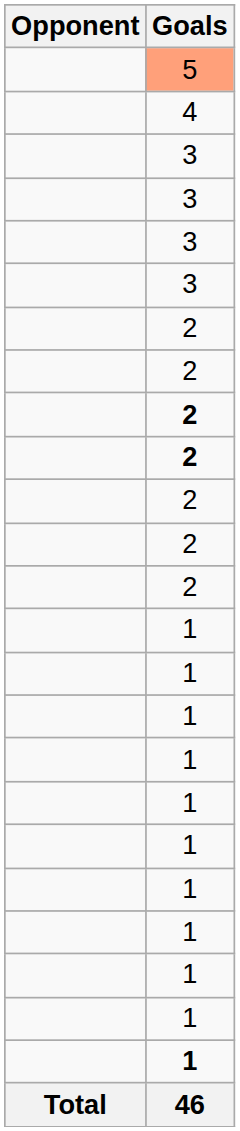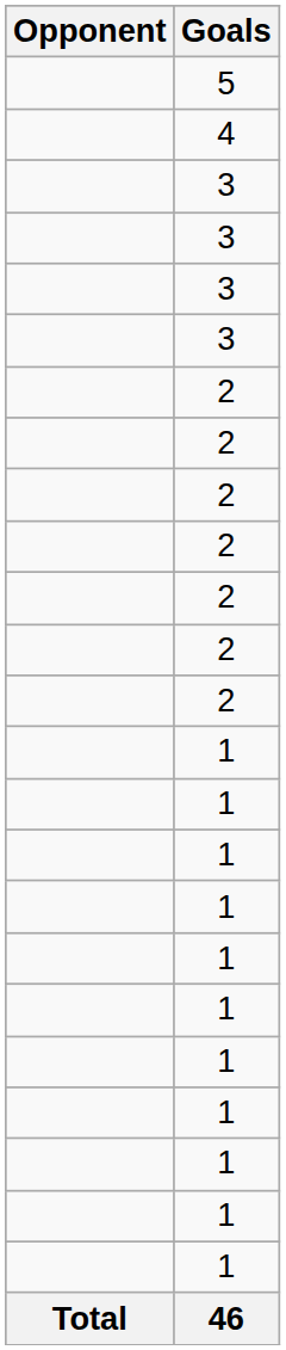 <table class="wikitable sortable">
 <tr>
 <th scope=col>Opponent</th>
 <th scope=col>Goals</th>
 </tr>
 <tr>
 <td></td>
-<td align="center" style="background: lightsalmon;">5</td>
+<td align="center">5</td>
 </tr>
 <tr>
 <td></td>
 <td align="center">4</td>
 </tr>
 <tr>
 <td></td>
 <td align="center">3</td>
 </tr>
 <tr>
 <td></td>
 <td align="center">3</td>
 </tr>
 <tr>
 <td></td>
 <td align="center">3</td>
 </tr>
 <tr>
 <td></td>
 <td align="center">3</td>
 </tr>
 <tr>
 <td></td>
 <td align="center">2</td>
 </tr>
 <tr>
 <td></td>
 <td align="center">2</td>
 </tr>
 <tr>
 <td></td>
-<td align="center"><strong>2</strong></td>
+<td align="center">2</td>
 </tr>
 <tr>
 <td></td>
-<td align="center"><strong>2</strong></td>
+<td align="center">2</td>
 </tr>
 <tr>
 <td></td>
 <td align="center">2</td>
 </tr>
 <tr>
 <td></td>
 <td align="center">2</td>
 </tr>
 <tr>
 <td></td>
 <td align="center">2</td>
 </tr>
 <tr>
 <td></td>
 <td align="center">1</td>
 </tr>
 <tr>
 <td></td>
 <td align="center">1</td>
 </tr>
 <tr>
 <td></td>
 <td align="center">1</td>
 </tr>
 <tr>
 <td></td>
 <td align="center">1</td>
 </tr>
 <tr>
 <td></td>
 <td align="center">1</td>
 </tr>
 <tr>
 <td></td>
 <td align="center">1</td>
 </tr>
 <tr>
 <td></td>
 <td align="center">1</td>
 </tr>
 <tr>
 <td></td>
 <td align="center">1</td>
 </tr>
 <tr>
 <td></td>
 <td align="center">1</td>
 </tr>
 <tr>
 <td></td>
 <td align="center">1</td>
 </tr>
 <tr>
 <td></td>
-<td align="center"><strong>1</strong></td>
+<td align="center">1</td>
 </tr>
 <tr>
 <th scope="row">Total</th>
 <th scope="row">46</th>
 </tr>
 </table>
